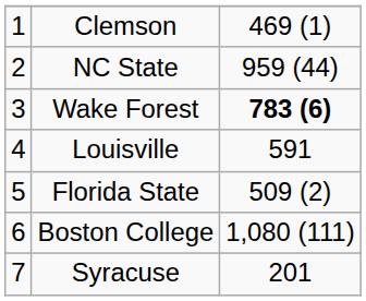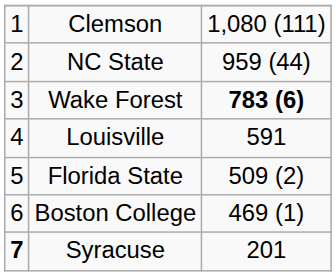 <table class="wikitable" style="display: inline-table; text-align:center;">
 <tr>
 </tr>
 <tr align="center">
 <td>1</td>
 <td>Clemson</td>
-<td>469 (1)</td>
+<td>1,080 (111)</td>
 </tr>
 <tr>
 <td>2</td>
 <td>NC State</td>
 <td>959 (44)</td>
 </tr>
 <tr>
 <td>3</td>
 <td>Wake Forest</td>
 <td><strong>783 (6)</strong></td>
 </tr>
 <tr>
 <td>4</td>
 <td>Louisville</td>
 <td>591</td>
 </tr>
 <tr>
 <td>5</td>
 <td>Florida State</td>
 <td>509 (2)</td>
 </tr>
 <tr>
 <td>6</td>
 <td>Boston College</td>
-<td>1,080 (111)</td>
+<td>469 (1)</td>
 </tr>
 <tr>
-<td>7</td>
+<td><strong>7</strong></td>
 <td>Syracuse</td>
 <td>201</td>
 </tr>
 </table>
